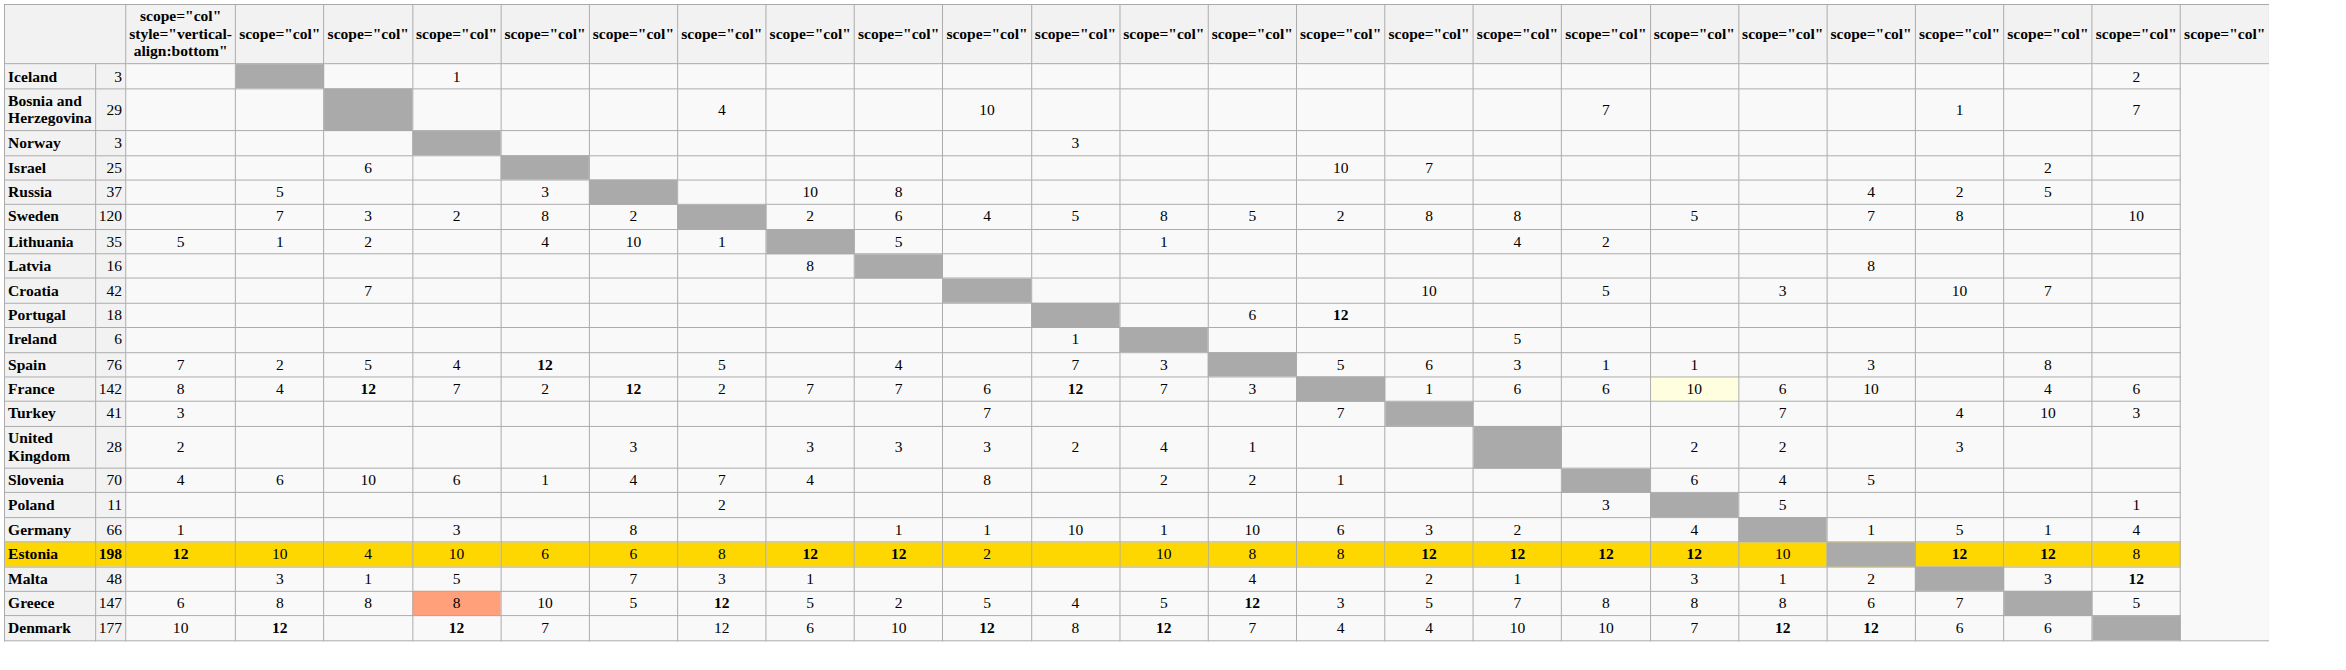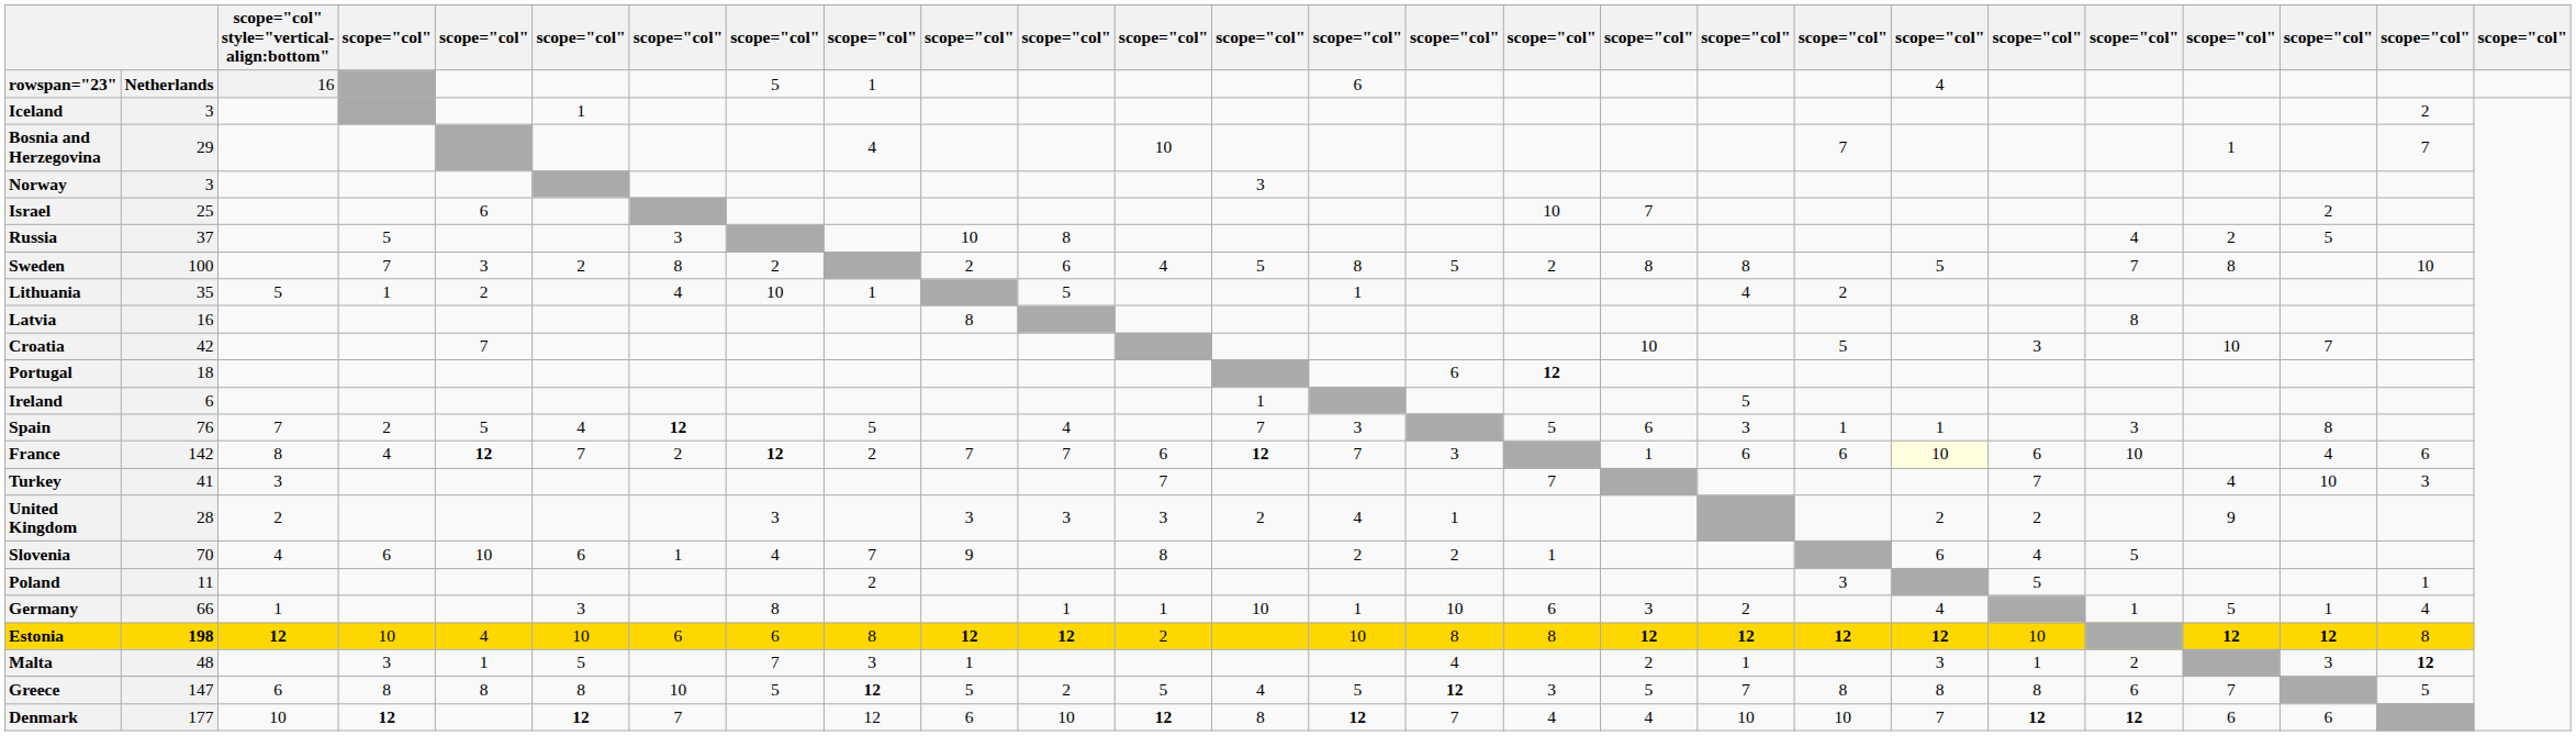 <table class="wikitable plainrowheaders" style="text-align:center;">
 <tr>
 </tr>
 <tr>
 <th colspan="2"></th>
 <th>scope="col" style="vertical-align:bottom" </th>
 <th>scope="col" </th>
 <th>scope="col" </th>
 <th>scope="col" </th>
 <th>scope="col" </th>
 <th>scope="col" </th>
 <th>scope="col" </th>
 <th>scope="col" </th>
 <th>scope="col" </th>
 <th>scope="col" </th>
 <th>scope="col" </th>
 <th>scope="col" </th>
 <th>scope="col" </th>
 <th>scope="col" </th>
 <th>scope="col" </th>
 <th>scope="col" </th>
 <th>scope="col" </th>
 <th>scope="col" </th>
 <th>scope="col" </th>
 <th>scope="col" </th>
 <th>scope="col" </th>
 <th>scope="col" </th>
 <th>scope="col" </th>
 <th>scope="col" </th>
+</tr>
+<tr>
+<th>rowspan="23" </th>
+<th scope="row" style="text-align:left; background:#f2f2f2;">Netherlands</th>
+<td style="text-align:right; background:#f2f2f2;">16</td>
+<td style="text-align:left; background:#aaa;"></td>
+<td></td>
+<td></td>
+<td></td>
+<td>5</td>
+<td>1</td>
+<td></td>
+<td></td>
+<td></td>
+<td></td>
+<td>6</td>
+<td></td>
+<td></td>
+<td></td>
+<td></td>
+<td></td>
+<td>4</td>
+<td></td>
+<td></td>
+<td></td>
+<td></td>
+<td></td>
+<td></td>
 </tr>
 <tr>
 <th scope="row" style="text-align:left; background:#f2f2f2;">Iceland</th>
 <td style="text-align:right; background:#f2f2f2;">3</td>
 <td></td>
 <td style="text-align:left; background:#aaa;"></td>
 <td></td>
 <td>1</td>
 <td></td>
 <td></td>
 <td></td>
 <td></td>
 <td></td>
 <td></td>
 <td></td>
 <td></td>
 <td></td>
 <td></td>
 <td></td>
 <td></td>
 <td></td>
 <td></td>
 <td></td>
 <td></td>
 <td></td>
 <td></td>
 <td>2</td>
 </tr>
 <tr>
 <th scope="row" style="text-align:left; background:#f2f2f2;">Bosnia and Herzegovina</th>
 <td style="text-align:right; background:#f2f2f2;">29</td>
 <td></td>
 <td></td>
 <td style="text-align:left; background:#aaa;"></td>
 <td></td>
 <td></td>
 <td></td>
 <td>4</td>
 <td></td>
 <td></td>
 <td>10</td>
 <td></td>
 <td></td>
 <td></td>
 <td></td>
 <td></td>
 <td></td>
 <td>7</td>
 <td></td>
 <td></td>
 <td></td>
 <td>1</td>
 <td></td>
 <td>7</td>
 </tr>
 <tr>
 <th scope="row" style="text-align:left; background:#f2f2f2;">Norway</th>
 <td style="text-align:right; background:#f2f2f2;">3</td>
 <td></td>
 <td></td>
 <td></td>
 <td style="text-align:left; background:#aaa;"></td>
 <td></td>
 <td></td>
 <td></td>
 <td></td>
 <td></td>
 <td></td>
 <td>3</td>
 <td></td>
 <td></td>
 <td></td>
 <td></td>
 <td></td>
 <td></td>
 <td></td>
 <td></td>
 <td></td>
 <td></td>
 <td></td>
 <td></td>
 </tr>
 <tr>
 <th scope="row" style="text-align:left; background:#f2f2f2;">Israel</th>
 <td style="text-align:right; background:#f2f2f2;">25</td>
 <td></td>
 <td></td>
 <td>6</td>
 <td></td>
 <td style="text-align:left; background:#aaa;"></td>
 <td></td>
 <td></td>
 <td></td>
 <td></td>
 <td></td>
 <td></td>
 <td></td>
 <td></td>
 <td>10</td>
 <td>7</td>
 <td></td>
 <td></td>
 <td></td>
 <td></td>
 <td></td>
 <td></td>
 <td>2</td>
 <td></td>
 </tr>
 <tr>
 <th scope="row" style="text-align:left; background:#f2f2f2;">Russia</th>
 <td style="text-align:right; background:#f2f2f2;">37</td>
 <td></td>
 <td>5</td>
 <td></td>
 <td></td>
 <td>3</td>
 <td style="text-align:left; background:#aaa;"></td>
 <td></td>
 <td>10</td>
 <td>8</td>
 <td></td>
 <td></td>
 <td></td>
 <td></td>
 <td></td>
 <td></td>
 <td></td>
 <td></td>
 <td></td>
 <td></td>
 <td>4</td>
 <td>2</td>
 <td>5</td>
 <td></td>
 </tr>
 <tr>
 <th scope="row" style="text-align:left; background:#f2f2f2;">Sweden</th>
-<td style="text-align:right; background:#f2f2f2;">120</td>
+<td style="text-align:right; background:#f2f2f2;">100</td>
 <td></td>
 <td>7</td>
 <td>3</td>
 <td>2</td>
 <td>8</td>
 <td>2</td>
 <td style="text-align:left; background:#aaa;"></td>
 <td>2</td>
 <td>6</td>
 <td>4</td>
 <td>5</td>
 <td>8</td>
 <td>5</td>
 <td>2</td>
 <td>8</td>
 <td>8</td>
 <td></td>
 <td>5</td>
 <td></td>
 <td>7</td>
 <td>8</td>
 <td></td>
 <td>10</td>
 </tr>
 <tr>
 <th scope="row" style="text-align:left; background:#f2f2f2;">Lithuania</th>
 <td style="text-align:right; background:#f2f2f2;">35</td>
 <td>5</td>
 <td>1</td>
 <td>2</td>
 <td></td>
 <td>4</td>
 <td>10</td>
 <td>1</td>
 <td style="text-align:left; background:#aaa;"></td>
 <td>5</td>
 <td></td>
 <td></td>
 <td>1</td>
 <td></td>
 <td></td>
 <td></td>
 <td>4</td>
 <td>2</td>
 <td></td>
 <td></td>
 <td></td>
 <td></td>
 <td></td>
 <td></td>
 </tr>
 <tr>
 <th scope="row" style="text-align:left; background:#f2f2f2;">Latvia</th>
 <td style="text-align:right; background:#f2f2f2;">16</td>
 <td></td>
 <td></td>
 <td></td>
 <td></td>
 <td></td>
 <td></td>
 <td></td>
 <td>8</td>
 <td style="text-align:left; background:#aaa;"></td>
 <td></td>
 <td></td>
 <td></td>
 <td></td>
 <td></td>
 <td></td>
 <td></td>
 <td></td>
 <td></td>
 <td></td>
 <td>8</td>
 <td></td>
 <td></td>
 <td></td>
 </tr>
 <tr>
 <th scope="row" style="text-align:left; background:#f2f2f2;">Croatia</th>
 <td style="text-align:right; background:#f2f2f2;">42</td>
 <td></td>
 <td></td>
 <td>7</td>
 <td></td>
 <td></td>
 <td></td>
 <td></td>
 <td></td>
 <td></td>
 <td style="text-align:left; background:#aaa;"></td>
 <td></td>
 <td></td>
 <td></td>
 <td></td>
 <td>10</td>
 <td></td>
 <td>5</td>
 <td></td>
 <td>3</td>
 <td></td>
 <td>10</td>
 <td>7</td>
 <td></td>
 </tr>
 <tr>
 <th scope="row" style="text-align:left; background:#f2f2f2;">Portugal</th>
 <td style="text-align:right; background:#f2f2f2;">18</td>
 <td></td>
 <td></td>
 <td></td>
 <td></td>
 <td></td>
 <td></td>
 <td></td>
 <td></td>
 <td></td>
 <td></td>
 <td style="text-align:left; background:#aaa;"></td>
 <td></td>
 <td>6</td>
 <td><strong>12</strong></td>
 <td></td>
 <td></td>
 <td></td>
 <td></td>
 <td></td>
 <td></td>
 <td></td>
 <td></td>
 <td></td>
 </tr>
 <tr>
 <th scope="row" style="text-align:left; background:#f2f2f2;">Ireland</th>
 <td style="text-align:right; background:#f2f2f2;">6</td>
 <td></td>
 <td></td>
 <td></td>
 <td></td>
 <td></td>
 <td></td>
 <td></td>
 <td></td>
 <td></td>
 <td></td>
 <td>1</td>
 <td style="text-align:left; background:#aaa;"></td>
 <td></td>
 <td></td>
 <td></td>
 <td>5</td>
 <td></td>
 <td></td>
 <td></td>
 <td></td>
 <td></td>
 <td></td>
 <td></td>
 </tr>
 <tr>
 <th scope="row" style="text-align:left; background:#f2f2f2;">Spain</th>
 <td style="text-align:right; background:#f2f2f2;">76</td>
 <td>7</td>
 <td>2</td>
 <td>5</td>
 <td>4</td>
 <td><strong>12</strong></td>
 <td></td>
 <td>5</td>
 <td></td>
 <td>4</td>
 <td></td>
 <td>7</td>
 <td>3</td>
 <td style="text-align:left; background:#aaa;"></td>
 <td>5</td>
 <td>6</td>
 <td>3</td>
 <td>1</td>
 <td>1</td>
 <td></td>
 <td>3</td>
 <td></td>
 <td>8</td>
 <td></td>
 </tr>
 <tr>
 <th scope="row" style="text-align:left; background:#f2f2f2;">France</th>
 <td style="text-align:right; background:#f2f2f2;">142</td>
 <td>8</td>
 <td>4</td>
 <td><strong>12</strong></td>
 <td>7</td>
 <td>2</td>
 <td><strong>12</strong></td>
 <td>2</td>
 <td>7</td>
 <td>7</td>
 <td>6</td>
 <td><strong>12</strong></td>
 <td>7</td>
 <td>3</td>
 <td style="text-align:left; background:#aaa;"></td>
 <td>1</td>
 <td>6</td>
 <td>6</td>
 <td style="background: lightyellow;">10</td>
 <td>6</td>
 <td>10</td>
 <td></td>
 <td>4</td>
 <td>6</td>
 </tr>
 <tr>
 <th scope="row" style="text-align:left; background:#f2f2f2;">Turkey</th>
 <td style="text-align:right; background:#f2f2f2;">41</td>
 <td>3</td>
 <td></td>
 <td></td>
 <td></td>
 <td></td>
 <td></td>
 <td></td>
 <td></td>
 <td></td>
 <td>7</td>
 <td></td>
 <td></td>
 <td></td>
 <td>7</td>
 <td style="text-align:left; background:#aaa;"></td>
 <td></td>
 <td></td>
 <td></td>
 <td>7</td>
 <td></td>
 <td>4</td>
 <td>10</td>
 <td>3</td>
 </tr>
 <tr>
 <th scope="row" style="text-align:left; background:#f2f2f2;">United Kingdom</th>
 <td style="text-align:right; background:#f2f2f2;">28</td>
 <td>2</td>
 <td></td>
 <td></td>
 <td></td>
 <td></td>
 <td>3</td>
 <td></td>
 <td>3</td>
 <td>3</td>
 <td>3</td>
 <td>2</td>
 <td>4</td>
 <td>1</td>
 <td></td>
 <td></td>
 <td style="text-align:left; background:#aaa;"></td>
 <td></td>
 <td>2</td>
 <td>2</td>
 <td></td>
-<td>3</td>
+<td>9</td>
 <td></td>
 <td></td>
 </tr>
 <tr>
 <th scope="row" style="text-align:left; background:#f2f2f2;">Slovenia</th>
 <td style="text-align:right; background:#f2f2f2;">70</td>
 <td>4</td>
 <td>6</td>
 <td>10</td>
 <td>6</td>
 <td>1</td>
 <td>4</td>
 <td>7</td>
-<td>4</td>
+<td>9</td>
 <td></td>
 <td>8</td>
 <td></td>
 <td>2</td>
 <td>2</td>
 <td>1</td>
 <td></td>
 <td></td>
 <td style="text-align:left; background:#aaa;"></td>
 <td>6</td>
 <td>4</td>
 <td>5</td>
 <td></td>
 <td></td>
 <td></td>
 </tr>
 <tr>
 <th scope="row" style="text-align:left; background:#f2f2f2;">Poland</th>
 <td style="text-align:right; background:#f2f2f2;">11</td>
 <td></td>
 <td></td>
 <td></td>
 <td></td>
 <td></td>
 <td></td>
 <td>2</td>
 <td></td>
 <td></td>
 <td></td>
 <td></td>
 <td></td>
 <td></td>
 <td></td>
 <td></td>
 <td></td>
 <td>3</td>
 <td style="text-align:left; background:#aaa;"></td>
 <td>5</td>
 <td></td>
 <td></td>
 <td></td>
 <td>1</td>
 </tr>
 <tr>
 <th scope="row" style="text-align:left; background:#f2f2f2;">Germany</th>
 <td style="text-align:right; background:#f2f2f2;">66</td>
 <td>1</td>
 <td></td>
 <td></td>
 <td>3</td>
 <td></td>
 <td>8</td>
 <td></td>
 <td></td>
 <td>1</td>
 <td>1</td>
 <td>10</td>
 <td>1</td>
 <td>10</td>
 <td>6</td>
 <td>3</td>
 <td>2</td>
 <td></td>
 <td>4</td>
 <td style="text-align:left; background:#aaa;"></td>
 <td>1</td>
 <td>5</td>
 <td>1</td>
 <td>4</td>
 </tr>
 <tr style="background:gold;">
 <th scope="row" style="text-align:left; font-weight:bold; background:gold;">Estonia</th>
 <td style="text-align:right; font-weight:bold;">198</td>
 <td><strong>12</strong></td>
 <td>10</td>
 <td>4</td>
 <td>10</td>
 <td>6</td>
 <td>6</td>
 <td>8</td>
 <td><strong>12</strong></td>
 <td><strong>12</strong></td>
 <td>2</td>
 <td></td>
 <td>10</td>
 <td>8</td>
 <td>8</td>
 <td><strong>12</strong></td>
 <td><strong>12</strong></td>
 <td><strong>12</strong></td>
 <td><strong>12</strong></td>
 <td>10</td>
 <td style="text-align:left; background:#aaa;"></td>
 <td><strong>12</strong></td>
 <td><strong>12</strong></td>
 <td>8</td>
 </tr>
 <tr>
 <th scope="row" style="text-align:left; background:#f2f2f2;">Malta</th>
 <td style="text-align:right; background:#f2f2f2;">48</td>
 <td></td>
 <td>3</td>
 <td>1</td>
 <td>5</td>
 <td></td>
 <td>7</td>
 <td>3</td>
 <td>1</td>
 <td></td>
 <td></td>
 <td></td>
 <td></td>
 <td>4</td>
 <td></td>
 <td>2</td>
 <td>1</td>
 <td></td>
 <td>3</td>
 <td>1</td>
 <td>2</td>
 <td style="text-align:left; background:#aaa;"></td>
 <td>3</td>
 <td><strong>12</strong></td>
 </tr>
 <tr>
 <th scope="row" style="text-align:left; background:#f2f2f2;">Greece</th>
 <td style="text-align:right; background:#f2f2f2;">147</td>
 <td>6</td>
 <td>8</td>
 <td>8</td>
-<td style="background: lightsalmon;">8</td>
+<td>8</td>
 <td>10</td>
 <td>5</td>
 <td><strong>12</strong></td>
 <td>5</td>
 <td>2</td>
 <td>5</td>
 <td>4</td>
 <td>5</td>
 <td><strong>12</strong></td>
 <td>3</td>
 <td>5</td>
 <td>7</td>
 <td>8</td>
 <td>8</td>
 <td>8</td>
 <td>6</td>
 <td>7</td>
 <td style="text-align:left; background:#aaa;"></td>
 <td>5</td>
 </tr>
 <tr>
 <th scope="row" style="text-align:left; background:#f2f2f2;">Denmark</th>
 <td style="text-align:right; background:#f2f2f2;">177</td>
 <td>10</td>
 <td><strong>12</strong></td>
 <td></td>
 <td><strong>12</strong></td>
 <td>7</td>
 <td></td>
 <td>12</td>
 <td>6</td>
 <td>10</td>
 <td><strong>12</strong></td>
 <td>8</td>
 <td><strong>12</strong></td>
 <td>7</td>
 <td>4</td>
 <td>4</td>
 <td>10</td>
 <td>10</td>
 <td>7</td>
 <td><strong>12</strong></td>
 <td><strong>12</strong></td>
 <td>6</td>
 <td>6</td>
 <td style="text-align:left; background:#aaa;"></td>
 </tr>
 </table>
